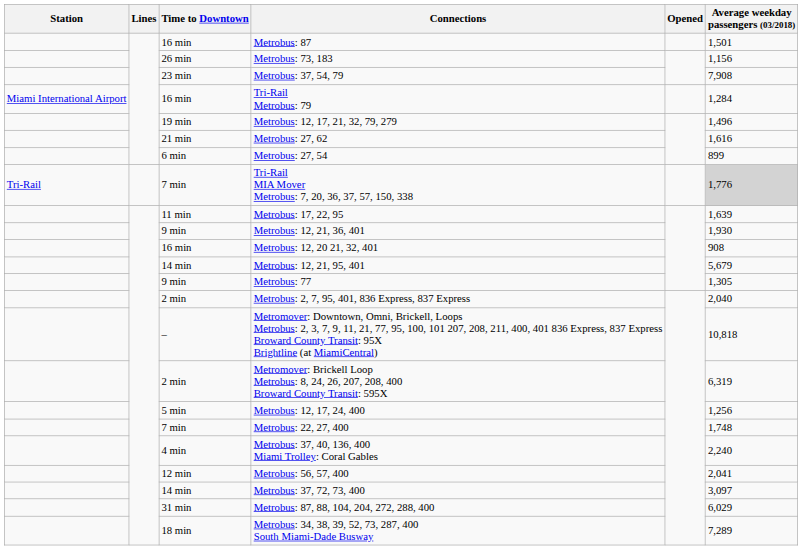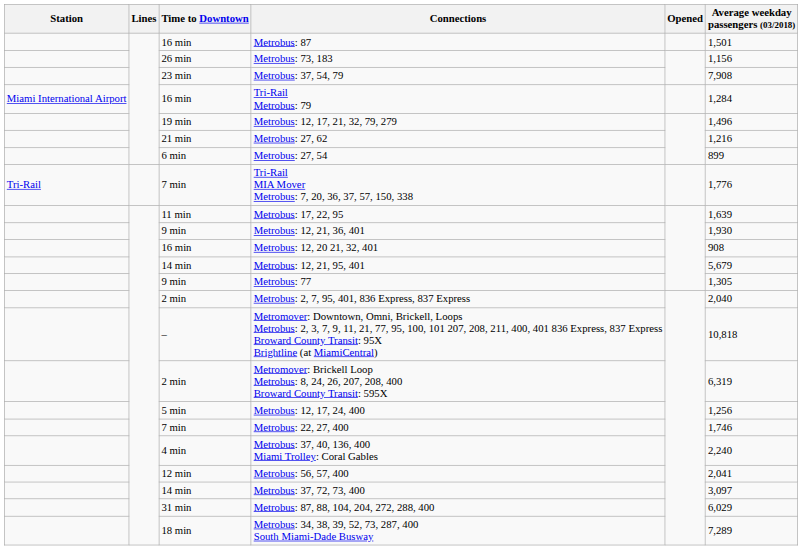 <table class="wikitable sortable">
 <tr>
 <th>Station</th>
 <th class="unsortable">Lines</th>
 <th>Time to <a href='#'>Downtown</a></th>
 <th class="unsortable">Connections</th>
 <th class="unsortable">Opened</th>
 <th>Average weekday<br>passengers <small>(03/2018)</small></th>
 </tr>
 <tr>
 <td> </td>
 <td rowspan="7"></td>
 <td data-sort-value="16 min">16 min</td>
 <td><a href='#'>Metrobus</a>: 87</td>
 <td></td>
 <td>1,501</td>
 </tr>
 <tr>
 <td> </td>
 <td data-sort-value="26 min">26 min</td>
 <td><a href='#'>Metrobus</a>: 73, 183</td>
 <td rowspan="2"></td>
 <td>1,156</td>
 </tr>
 <tr>
 <td>  </td>
 <td data-sort-value="23 min">23 min</td>
 <td><a href='#'>Metrobus</a>: 37, 54, 79</td>
 <td>7,908</td>
 </tr>
 <tr>
 <td><a href='#'>Miami International Airport</a> </td>
 <td data-sort-value="16 min">16 min</td>
 <td><a href='#'>Tri-Rail</a><br><a href='#'>Metrobus</a>: 79</td>
 <td></td>
 <td>1,284</td>
 </tr>
 <tr>
 <td> </td>
 <td data-sort-value="19 min">19 min</td>
 <td><a href='#'>Metrobus</a>: 12, 17, 21, 32, 79, 279</td>
 <td rowspan="3"></td>
 <td>1,496</td>
 </tr>
 <tr>
 <td> </td>
 <td data-sort-value="21 min">21 min</td>
 <td><a href='#'>Metrobus</a>: 27, 62</td>
-<td>1,616</td>
+<td>1,216</td>
 </tr>
 <tr>
 <td> </td>
 <td data-sort-value="06 min">6 min</td>
 <td><a href='#'>Metrobus</a>: 27, 54</td>
 <td>899</td>
 </tr>
 <tr>
 <td><a href='#'>Tri-Rail</a> </td>
 <td></td>
 <td data-sort-value="07 min">7 min</td>
 <td><a href='#'>Tri-Rail</a><br><a href='#'>MIA Mover</a><br><a href='#'>Metrobus</a>: 7, 20,  36, 37, 57, 150, 338</td>
 <td></td>
-<td style="background: lightgrey;">1,776</td>
+<td>1,776</td>
 </tr>
 <tr>
 <td> </td>
 <td rowspan="15"> </td>
 <td data-sort-value="11 min">11 min</td>
 <td><a href='#'>Metrobus</a>: 17, 22, 95</td>
 <td rowspan="5"></td>
 <td>1,639</td>
 </tr>
 <tr>
 <td> </td>
 <td data-sort-value="09 min">9 min</td>
 <td><a href='#'>Metrobus</a>: 12, 21, 36, 401</td>
 <td>1,930</td>
 </tr>
 <tr>
 <td> </td>
 <td data-sort-value="09 min">16 min</td>
 <td><a href='#'>Metrobus</a>: 12, 20  21, 32, 401</td>
 <td>908</td>
 </tr>
 <tr>
 <td></td>
 <td data-sort-value="14 min">14 min</td>
 <td><a href='#'>Metrobus</a>: 12, 21,  95, 401</td>
 <td>5,679</td>
 </tr>
 <tr>
 <td> </td>
 <td data-sort-value="09 min">9 min</td>
 <td><a href='#'>Metrobus</a>: 77</td>
 <td>1,305</td>
 </tr>
 <tr>
 <td></td>
 <td data-sort-value="02 min">2 min</td>
 <td><a href='#'>Metrobus</a>: 2, 7, 95, 401, 836 Express, 837 Express</td>
 <td rowspan="10"></td>
 <td>2,040</td>
 </tr>
 <tr>
 <td> </td>
 <td data-sort-value="00 min">–</td>
 <td><a href='#'>Metromover</a>: Downtown, Omni, Brickell, Loops<br><a href='#'>Metrobus</a>: 2, 3, 7, 9, 11, 21, 77, 95, 100, 101 207, 208, 211, 400, 401 836 Express, 837 Express<br><a href='#'>Broward County Transit</a>: 95X<br><a href='#'>Brightline</a> (at <a href='#'>MiamiCentral</a>)</td>
 <td>10,818</td>
 </tr>
 <tr>
 <td></td>
 <td data-sort-value="02 min">2 min</td>
 <td><a href='#'>Metromover</a>: Brickell Loop<br><a href='#'>Metrobus</a>: 8, 24, 26, 207, 208, 400<br><a href='#'>Broward County Transit</a>: 595X</td>
 <td>6,319</td>
 </tr>
 <tr>
 <td> </td>
 <td data-sort-value="05 min">5 min</td>
 <td><a href='#'>Metrobus</a>: 12, 17, 24, 400</td>
 <td>1,256</td>
 </tr>
 <tr>
 <td> </td>
 <td data-sort-value="07 min">7 min</td>
 <td><a href='#'>Metrobus</a>: 22, 27, 400</td>
-<td>1,748</td>
+<td>1,746</td>
 </tr>
 <tr>
 <td> </td>
 <td data-sort-value="04 min">4 min</td>
 <td><a href='#'>Metrobus</a>: 37, 40, 136, 400<br><a href='#'>Miami Trolley</a>: Coral Gables</td>
 <td>2,240</td>
 </tr>
 <tr>
 <td> </td>
 <td data-sort-value="12 min">12 min</td>
 <td><a href='#'>Metrobus</a>: 56, 57, 400</td>
 <td>2,041</td>
 </tr>
 <tr>
 <td> </td>
 <td data-sort-value="14 min">14 min</td>
 <td><a href='#'>Metrobus</a>: 37, 72, 73, 400</td>
 <td>3,097</td>
 </tr>
 <tr>
 <td> </td>
 <td data-sort-value="31 min">31 min</td>
 <td><a href='#'>Metrobus</a>: 87, 88, 104, 204, 272, 288, 400</td>
 <td>6,029</td>
 </tr>
 <tr>
 <td> </td>
 <td data-sort-value="18 min">18 min</td>
 <td><a href='#'>Metrobus</a>: 34, 38, 39, 52, 73, 287, 400<br><a href='#'>South Miami-Dade Busway</a></td>
 <td>7,289</td>
 </tr>
 </table>
